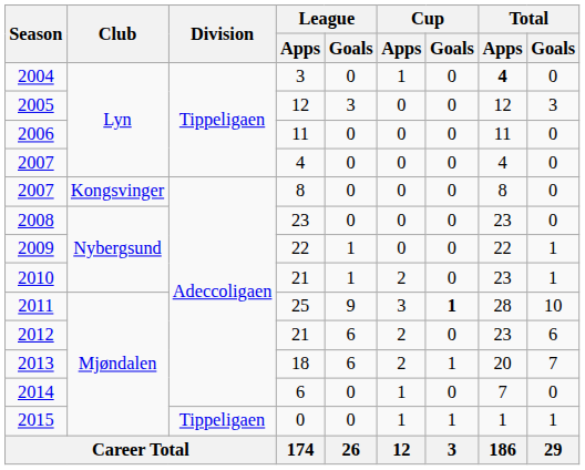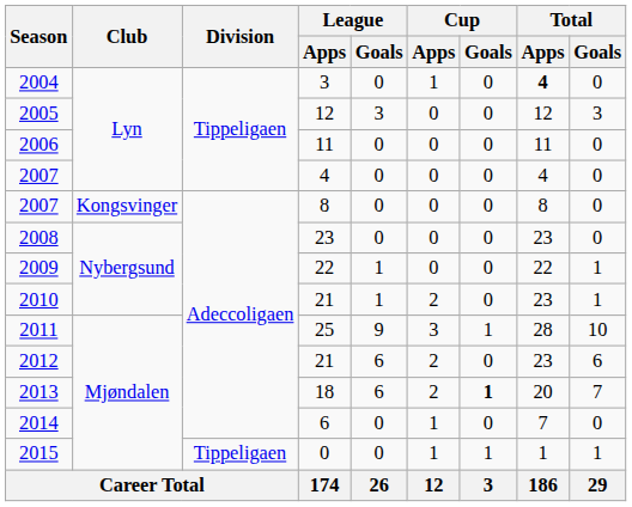 <table class="wikitable" style="text-align: center;">
 <tr>
 <th rowspan="2">Season</th>
 <th rowspan="2">Club</th>
 <th rowspan="2">Division</th>
 <th colspan="2">League</th>
 <th colspan="2">Cup</th>
 <th colspan="2">Total</th>
 </tr>
 <tr>
 <th>Apps</th>
 <th>Goals</th>
 <th>Apps</th>
 <th>Goals</th>
 <th>Apps</th>
 <th>Goals</th>
 </tr>
 <tr>
 <td><a href='#'>2004</a></td>
 <td rowspan="4" valign="center"><a href='#'>Lyn</a></td>
 <td rowspan="4" valign="center"><a href='#'>Tippeligaen</a></td>
 <td>3</td>
 <td>0</td>
 <td>1</td>
 <td>0</td>
 <td><strong>4</strong></td>
 <td>0</td>
 </tr>
 <tr>
 <td><a href='#'>2005</a></td>
 <td>12</td>
 <td>3</td>
 <td>0</td>
 <td>0</td>
 <td>12</td>
 <td>3</td>
 </tr>
 <tr>
 <td><a href='#'>2006</a></td>
 <td>11</td>
 <td>0</td>
 <td>0</td>
 <td>0</td>
 <td>11</td>
 <td>0</td>
 </tr>
 <tr>
 <td><a href='#'>2007</a></td>
 <td>4</td>
 <td>0</td>
 <td>0</td>
 <td>0</td>
 <td>4</td>
 <td>0</td>
 </tr>
 <tr>
 <td><a href='#'>2007</a></td>
 <td rowspan="1" valign="center"><a href='#'>Kongsvinger</a></td>
 <td rowspan="8" valign="center"><a href='#'>Adeccoligaen</a></td>
 <td>8</td>
 <td>0</td>
 <td>0</td>
 <td>0</td>
 <td>8</td>
 <td>0</td>
 </tr>
 <tr>
 <td><a href='#'>2008</a></td>
 <td rowspan="3" valign="center"><a href='#'>Nybergsund</a></td>
 <td>23</td>
 <td>0</td>
 <td>0</td>
 <td>0</td>
 <td>23</td>
 <td>0</td>
 </tr>
 <tr>
 <td><a href='#'>2009</a></td>
 <td>22</td>
 <td>1</td>
 <td>0</td>
 <td>0</td>
 <td>22</td>
 <td>1</td>
 </tr>
 <tr>
 <td><a href='#'>2010</a></td>
 <td>21</td>
 <td>1</td>
 <td>2</td>
 <td>0</td>
 <td>23</td>
 <td>1</td>
 </tr>
 <tr>
 <td><a href='#'>2011</a></td>
 <td rowspan="5" valign="center"><a href='#'>Mjøndalen</a></td>
 <td>25</td>
 <td>9</td>
 <td>3</td>
-<td><strong>1</strong></td>
+<td>1</td>
 <td>28</td>
 <td>10</td>
 </tr>
 <tr>
 <td><a href='#'>2012</a></td>
 <td>21</td>
 <td>6</td>
 <td>2</td>
 <td>0</td>
 <td>23</td>
 <td>6</td>
 </tr>
 <tr>
 <td><a href='#'>2013</a></td>
 <td>18</td>
 <td>6</td>
 <td>2</td>
-<td>1</td>
+<td><strong>1</strong></td>
 <td>20</td>
 <td>7</td>
 </tr>
 <tr>
 <td><a href='#'>2014</a></td>
 <td>6</td>
 <td>0</td>
 <td>1</td>
 <td>0</td>
 <td>7</td>
 <td>0</td>
 </tr>
 <tr>
 <td><a href='#'>2015</a></td>
 <td rowspan="1" valign="center"><a href='#'>Tippeligaen</a></td>
 <td>0</td>
 <td>0</td>
 <td>1</td>
 <td>1</td>
 <td>1</td>
 <td>1</td>
 </tr>
 <tr>
 <th colspan="3">Career Total</th>
 <th>174</th>
 <th>26</th>
 <th>12</th>
 <th>3</th>
 <th>186</th>
 <th>29</th>
 </tr>
 </table>
